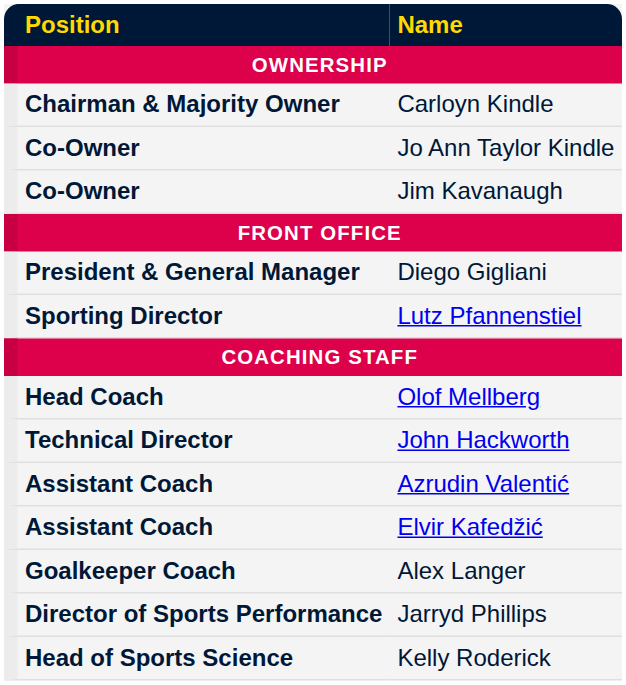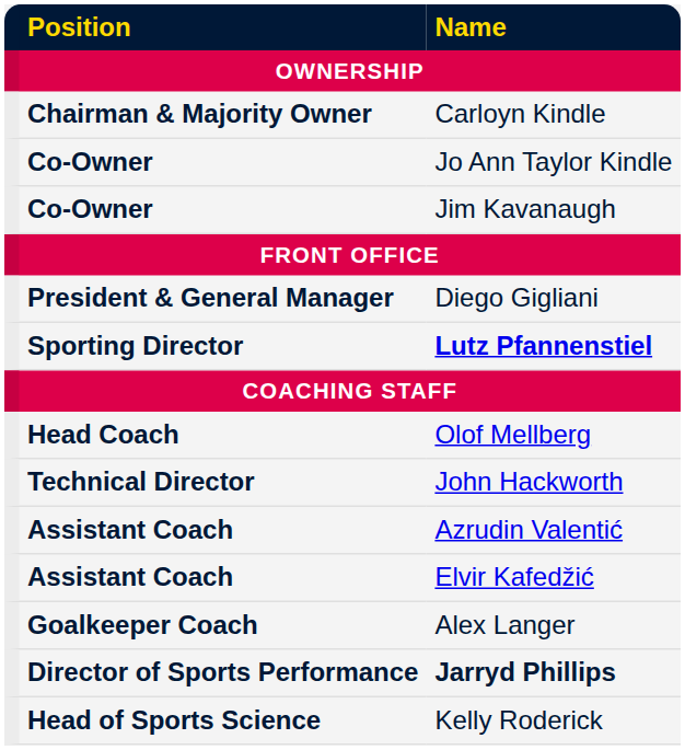 <table cellpadding="5" cellspacing="0" style="display:inline-table; color:#001837; text-align:center; border: 0; background-color: #f4f4f4;">
 <tr>
 <th style="border: 0; border-left: 9px solid #001837; background:#001837; color:#ffd901; text-align:left;border-top-left-radius: 10px;">Position</th>
 <th style="background:#001837; color:#ffd901; text-align:left; border: 0; border-top-right-radius: 10px;">Name</th>
 </tr>
 <tr>
 <th colspan="5" style="border: 0; border-left: 9px solid #c60042; background:#DD004A; color:#ffffff;font-size: 85%; text-align:center; letter-spacing: 0.75px"><strong>OWNERSHIP</strong></th>
 </tr>
 <tr>
 <td align="left" style="border-bottom:1px solid #dfdfdf; border-left: 9px solid #ececec"><strong>Chairman & Majority Owner</strong></td>
 <td style="border-bottom:1px solid #dfdfdf; white-space: nowrap;" align="left"> Carloyn Kindle</td>
 </tr>
 <tr>
 <td align="left" style="border-bottom:1px solid #dfdfdf; border-left: 9px solid #ececec"><strong>Co-Owner</strong></td>
 <td style="border-bottom:1px solid #dfdfdf; white-space: nowrap;" align="left"> Jo Ann Taylor Kindle</td>
 </tr>
 <tr>
 <td align="left" style="border-bottom:1px solid #dfdfdf; border-left: 9px solid #ececec"><strong>Co-Owner</strong></td>
 <td style="border-bottom:1px solid #dfdfdf; white-space: nowrap;" align="left"> Jim Kavanaugh</td>
 </tr>
 <tr>
 <th colspan="5" style="border: 0; border-left: 9px solid #c60042; background:#DD004A; color:#ffffff;font-size: 85%; text-align:center; letter-spacing: 0.75px"><strong>FRONT OFFICE</strong></th>
 </tr>
 <tr>
 <td align="left" style="border-bottom:1px solid #dfdfdf; border-left: 9px solid #ececec"><strong>President & General Manager</strong></td>
 <td style="border-bottom:1px solid #dfdfdf; white-space: nowrap;" align="left"> Diego Gigliani</td>
 </tr>
 <tr>
 <td align="left" style="border-bottom:1px solid #dfdfdf; border-left: 9px solid #ececec"><strong>Sporting Director</strong></td>
-<td style="border-bottom:1px solid #dfdfdf; white-space: nowrap;" align="left"> <a href='#'>Lutz Pfannenstiel</a></td>
+<td style="border-bottom:1px solid #dfdfdf; white-space: nowrap;" align="left"><strong> <a href='#'>Lutz Pfannenstiel</a></strong></td>
 </tr>
 <tr>
 <th colspan="5" style="border: 0; border-left: 9px solid #c60042; background:#DD004A; color:#ffffff;font-size: 85%; text-align:center; letter-spacing: 0.75px"><strong>COACHING STAFF</strong></th>
 </tr>
 <tr>
 <td align="left" style="border-bottom:1px solid #dfdfdf; border-left: 9px solid #ececec"><strong>Head Coach</strong></td>
 <td style="border-bottom:1px solid #dfdfdf; white-space: nowrap;" align="left"> <a href='#'>Olof Mellberg</a></td>
 </tr>
 <tr>
 <td align="left" style="border-bottom:1px solid #dfdfdf; border-left: 9px solid #ececec"><strong>Technical Director</strong></td>
 <td style="border-bottom:1px solid #dfdfdf; white-space: nowrap;" align="left"> <a href='#'>John Hackworth</a></td>
 </tr>
 <tr>
 <td align="left" style="border-bottom:1px solid #dfdfdf; border-left: 9px solid #ececec"><strong>Assistant Coach</strong></td>
 <td style="border-bottom:1px solid #dfdfdf; white-space: nowrap;" align="left"> <a href='#'>Azrudin Valentić</a></td>
 </tr>
 <tr>
 <td align="left" style="border-bottom:1px solid #dfdfdf; border-left: 9px solid #ececec"><strong>Assistant Coach</strong></td>
 <td style="border-bottom:1px solid #dfdfdf; white-space: nowrap;" align="left"> <a href='#'>Elvir Kafedžić</a></td>
 </tr>
 <tr>
 <td align="left" style="border-bottom:1px solid #dfdfdf; border-left: 9px solid #ececec"><strong>Goalkeeper Coach</strong></td>
 <td style="border-bottom:1px solid #dfdfdf; white-space: nowrap;" align="left"> Alex Langer</td>
 </tr>
 <tr>
 <td align="left" style="border-bottom:1px solid #dfdfdf; border-left: 9px solid #ececec"><strong>Director of Sports Performance</strong></td>
-<td style="border-bottom:1px solid #dfdfdf; white-space: nowrap;" align="left"> Jarryd Phillips</td>
+<td style="border-bottom:1px solid #dfdfdf; white-space: nowrap;" align="left"><strong> Jarryd Phillips</strong></td>
 </tr>
 <tr>
 <td align="left" style="border-bottom:1px solid #dfdfdf; border-left: 9px solid #ececec"><strong>Head of Sports Science</strong></td>
 <td style="border-bottom:1px solid #dfdfdf; white-space: nowrap;" align="left"> Kelly Roderick</td>
 </tr>
 </table>
